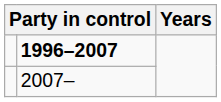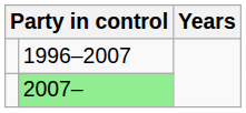 <table class="wikitable">
 <tr>
 <th colspan="2">Party in control</th>
 <th>Years</th>
 </tr>
 <tr>
 <td></td>
-<td><strong>1996–2007</strong></td>
+<td>1996–2007</td>
 </tr>
 <tr>
 <td></td>
-<td>2007–</td>
+<td style="background: lightgreen;">2007–</td>
 </tr>
 </table>
